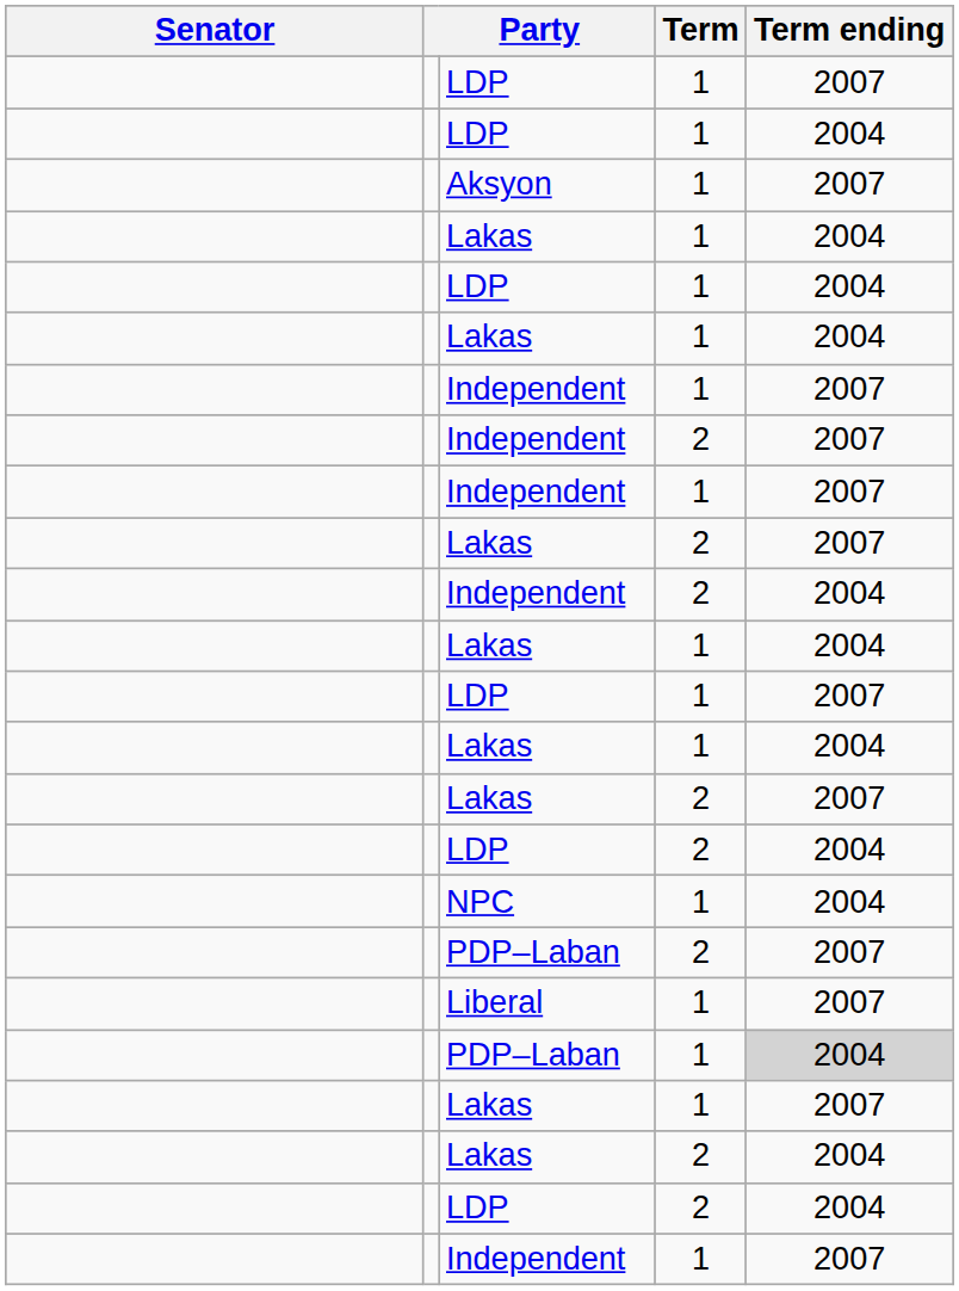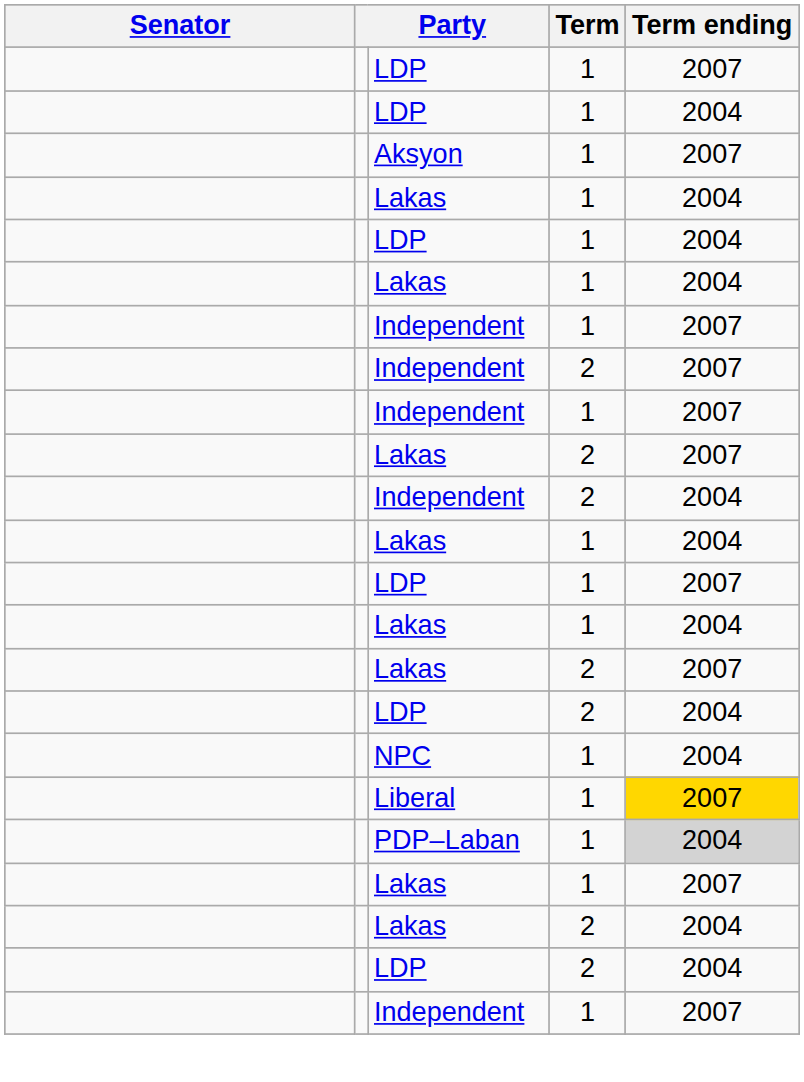 <table class="wikitable sortable">
 <tr>
 <th width="200px"><a href='#'>Senator</a></th>
 <th colspan="2"><a href='#'>Party</a></th>
 <th>Term</th>
 <th>Term ending</th>
 </tr>
 <tr>
 <td></td>
 <td></td>
 <td><a href='#'>LDP</a></td>
 <td align="center">1</td>
 <td align="center">2007</td>
 </tr>
 <tr>
 <td></td>
 <td></td>
 <td width="100px"><a href='#'>LDP</a></td>
 <td align="center">1</td>
 <td align="center">2004</td>
 </tr>
 <tr>
 <td></td>
 <td></td>
 <td><a href='#'>Aksyon</a></td>
 <td align="center">1</td>
 <td align="center">2007</td>
 </tr>
 <tr>
 <td></td>
 <td></td>
 <td><a href='#'>Lakas</a></td>
 <td align="center">1</td>
 <td align="center">2004</td>
 </tr>
 <tr>
 <td></td>
 <td></td>
 <td><a href='#'>LDP</a></td>
 <td align="center">1</td>
 <td align="center">2004</td>
 </tr>
 <tr>
 <td></td>
 <td></td>
 <td><a href='#'>Lakas</a></td>
 <td align="center">1</td>
 <td align="center">2004</td>
 </tr>
 <tr>
 <td></td>
 <td></td>
 <td><a href='#'>Independent</a></td>
 <td align="center">1</td>
 <td align="center">2007</td>
 </tr>
 <tr>
 <td></td>
 <td></td>
 <td><a href='#'>Independent</a></td>
 <td align="center">2</td>
 <td align="center">2007</td>
 </tr>
 <tr>
 <td></td>
 <td></td>
 <td><a href='#'>Independent</a></td>
 <td align="center">1</td>
 <td align="center">2007</td>
 </tr>
 <tr>
 <td></td>
 <td></td>
 <td><a href='#'>Lakas</a></td>
 <td align="center">2</td>
 <td align="center">2007</td>
 </tr>
 <tr>
 <td></td>
 <td></td>
 <td><a href='#'>Independent</a></td>
 <td align="center">2</td>
 <td align="center">2004</td>
 </tr>
 <tr>
 <td></td>
 <td></td>
 <td><a href='#'>Lakas</a></td>
 <td align="center">1</td>
 <td align="center">2004</td>
 </tr>
 <tr>
 <td></td>
 <td></td>
 <td><a href='#'>LDP</a></td>
 <td align="center">1</td>
 <td align="center">2007</td>
 </tr>
 <tr>
 <td></td>
 <td></td>
 <td><a href='#'>Lakas</a></td>
 <td align="center">1</td>
 <td align="center">2004</td>
 </tr>
 <tr>
 <td></td>
 <td></td>
 <td><a href='#'>Lakas</a></td>
 <td align="center">2</td>
 <td align="center">2007</td>
 </tr>
 <tr>
 <td></td>
 <td></td>
 <td><a href='#'>LDP</a></td>
 <td align="center">2</td>
 <td align="center">2004</td>
 </tr>
 <tr>
 <td></td>
 <td></td>
 <td><a href='#'>NPC</a></td>
 <td align="center">1</td>
 <td align="center">2004</td>
 </tr>
 <tr>
 <td></td>
 <td></td>
-<td><a href='#'>PDP–Laban</a></td>
-<td align="center">2</td>
-<td align="center">2007</td>
-</tr>
-<tr>
-<td></td>
-<td></td>
 <td><a href='#'>Liberal</a></td>
 <td align="center">1</td>
-<td align="center">2007</td>
+<td align="center" style="background: gold;">2007</td>
 </tr>
 <tr>
 <td></td>
 <td></td>
 <td><a href='#'>PDP–Laban</a></td>
 <td align="center">1</td>
 <td align="center" style="background: lightgrey;">2004</td>
 </tr>
 <tr>
 <td></td>
 <td></td>
 <td><a href='#'>Lakas</a></td>
 <td align="center">1</td>
 <td align="center">2007</td>
 </tr>
 <tr>
 <td></td>
 <td></td>
 <td><a href='#'>Lakas</a></td>
 <td align="center">2</td>
 <td align="center">2004</td>
 </tr>
 <tr>
 <td></td>
 <td></td>
 <td><a href='#'>LDP</a></td>
 <td align="center">2</td>
 <td align="center">2004</td>
 </tr>
 <tr>
 <td></td>
 <td></td>
 <td><a href='#'>Independent</a></td>
 <td align="center">1</td>
 <td align="center">2007</td>
 </tr>
 </table>
